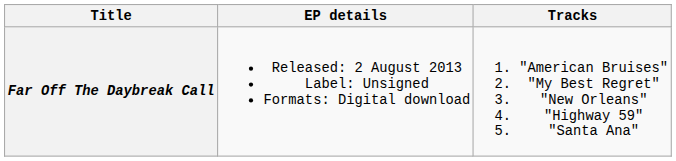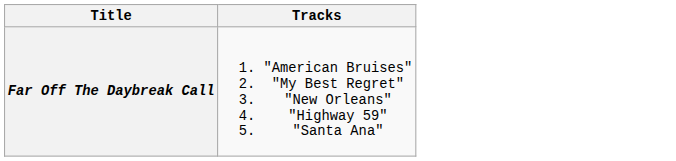 <table class="wikitable plainrowheaders" style="text-align:center;">
 <tr>
 <th scope="col">Title</th>
-<th scope="col">EP details</th>
 <th scope="col">Tracks</th>
 </tr>
 <tr>
 <th scope="row"><em>Far Off The Daybreak Call</em></th>
-<td valign="top"><br><ul><li>Released: 2 August 2013</li><li>Label: Unsigned</li><li>Formats: Digital download</li></ul></td>
 <td valign="top"><br><ol><li>"American Bruises"</li><li>"My Best Regret"</li><li>"New Orleans"</li><li>"Highway 59"</li><li>"Santa Ana"</li></ol></td>
 </tr>
 </table>
